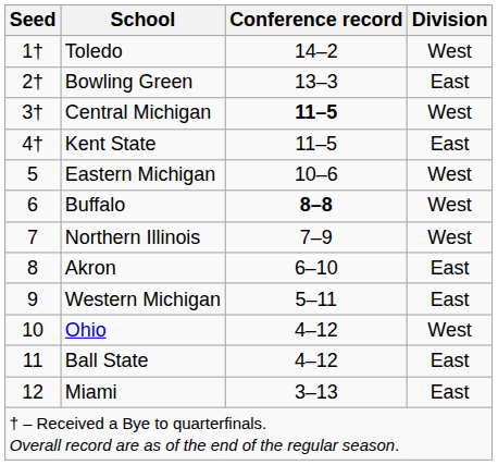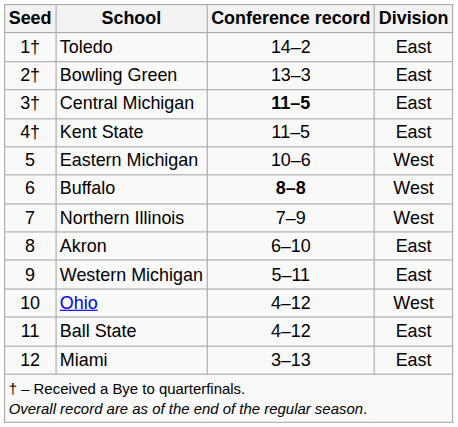 <table class="wikitable" style="text-align:center">
 <tr>
 <th>Seed</th>
 <th>School</th>
 <th>Conference record</th>
 <th>Division</th>
 </tr>
 <tr>
 <td>1†</td>
 <td align=left>Toledo</td>
 <td>14–2</td>
-<td>West</td>
+<td>East</td>
 </tr>
 <tr>
 <td>2†</td>
 <td align=left>Bowling Green</td>
 <td>13–3</td>
 <td>East</td>
 </tr>
 <tr>
 <td>3†</td>
 <td align=left>Central Michigan</td>
 <td><strong>11–5</strong></td>
-<td>West</td>
+<td>East</td>
 </tr>
 <tr>
 <td>4†</td>
 <td align=left>Kent State</td>
 <td>11–5</td>
 <td>East</td>
 </tr>
 <tr>
 <td>5</td>
 <td align=left>Eastern Michigan</td>
 <td>10–6</td>
 <td>West</td>
 </tr>
 <tr>
 <td>6</td>
 <td align=left>Buffalo</td>
 <td><strong>8–8</strong></td>
 <td>West</td>
 </tr>
 <tr>
 <td>7</td>
 <td align=left>Northern Illinois</td>
 <td>7–9</td>
 <td>West</td>
 </tr>
 <tr>
 <td>8</td>
 <td align=left>Akron</td>
 <td>6–10</td>
 <td>East</td>
 </tr>
 <tr>
 <td>9</td>
 <td align=left>Western Michigan</td>
 <td>5–11</td>
 <td>East</td>
 </tr>
 <tr>
 <td>10</td>
 <td align=left><a href='#'>Ohio</a></td>
 <td>4–12</td>
 <td>West</td>
 </tr>
 <tr>
 <td>11</td>
 <td align=left>Ball State</td>
 <td>4–12</td>
 <td>East</td>
 </tr>
 <tr>
 <td>12</td>
 <td align=left>Miami</td>
 <td>3–13</td>
 <td>East</td>
 </tr>
 <tr>
 <td colspan="5" style="text-align:left;"><small>† – Received a Bye to quarterfinals.<br><em>Overall record are as of the end of the regular season</em>.</small></td>
 </tr>
 </table>
